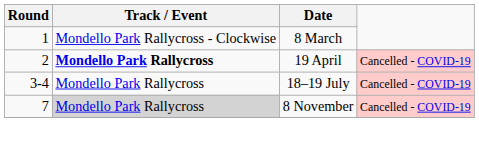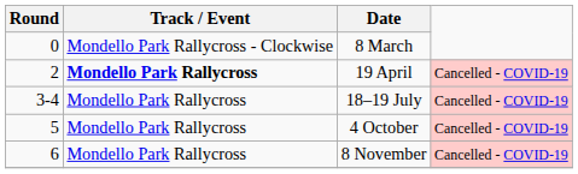 <table class="wikitable" style="text–align:centre">
 <tr>
 <th>Round</th>
 <th>Track / Event</th>
 <th>Date</th>
 </tr>
 <tr>
-<td align="right">1</td>
+<td align="right">0</td>
 <td align="left"><a href='#'>Mondello Park</a> Rallycross - Clockwise</td>
 <td align="center">8 March</td>
 </tr>
 <tr>
 <td align="right">2</td>
 <td align="left"><strong><a href='#'>Mondello Park</a> Rallycross</strong></td>
 <td align="center">19 April</td>
 <td style="background:#ffcccb;"><small>Cancelled - <a href='#'>COVID-19</a></small></td>
 </tr>
 <tr>
 <td align="right">3-4</td>
 <td align="left"><a href='#'>Mondello Park</a> Rallycross</td>
 <td align="center">18–19 July</td>
 <td style="background:#ffcccb;"><small>Cancelled - <a href='#'>COVID-19</a></small></td>
 </tr>
 <tr>
-<td align="right">7</td>
-<td align="left" style="background: lightgrey;"><a href='#'>Mondello Park</a> Rallycross</td>
+<td align="right">5</td>
+<td align="left"><a href='#'>Mondello Park</a> Rallycross</td>
+<td align="center">4 October</td>
+<td style="background:#ffcccb;"><small>Cancelled - <a href='#'>COVID-19</a></small></td>
+</tr>
+<tr>
+<td align="right">6</td>
+<td align="left"><a href='#'>Mondello Park</a> Rallycross</td>
 <td align="center">8 November</td>
 <td style="background:#ffcccb;"><small>Cancelled - <a href='#'>COVID-19</a></small></td>
 </tr>
 <tr>
 </tr>
 </table>
